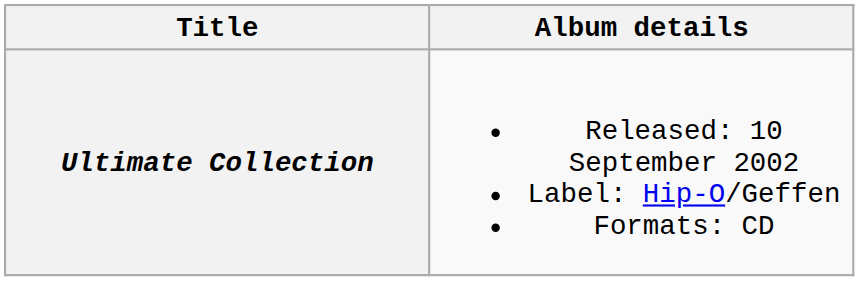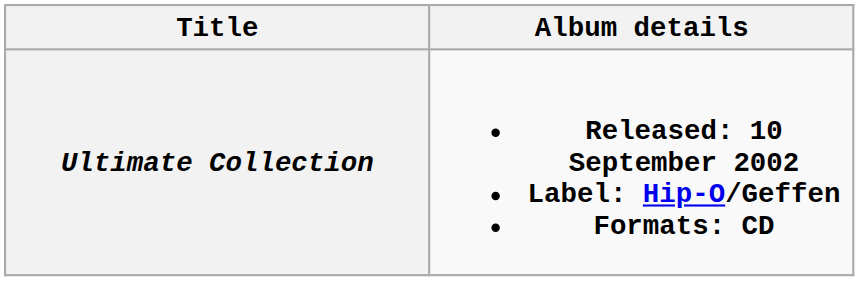 <table class="wikitable plainrowheaders" style="text-align:center;">
 <tr>
 <th scope="col" style="width:15em;">Title</th>
 <th scope="col" style="width:15em;">Album details</th>
 </tr>
 <tr>
 <th scope="row"><em>Ultimate Collection</em></th>
-<td><br><ul><li>Released: 10 September 2002</li><li>Label: <a href='#'>Hip-O</a>/Geffen</li><li>Formats: CD</li></ul></td>
+<td><strong><br><ul><li>Released: 10 September 2002</li><li>Label: <a href='#'>Hip-O</a>/Geffen</li><li>Formats: CD</li></ul></strong></td>
 </tr>
 </table>
